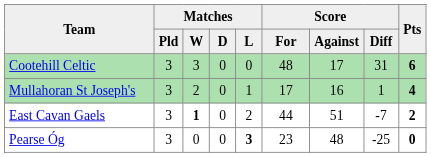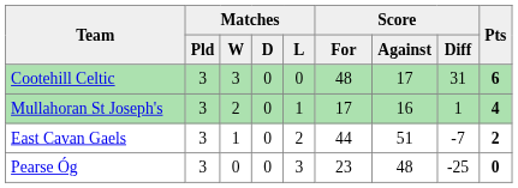 <table style=border-collapse:collapse border=1 cellspacing=0 cellpadding=5>
 <tr align=center bgcolor=#efefef>
 <th rowspan=2 width=165>Team</th>
 <th colspan=4>Matches</th>
 <th colspan=3>Score</th>
 <th rowspan=2width=20>Pts</th>
 </tr>
 <tr align=center bgcolor=#efefef>
 <th width=20>Pld</th>
 <th width=20>W</th>
 <th width=20>D</th>
 <th width=20>L</th>
 <th width=45>For</th>
 <th width=45>Against</th>
 <th width=30>Diff</th>
 </tr>
 <tr align=center style="background:#ACE1AF;">
 <td style="text-align:left;"><a href='#'>Cootehill Celtic</a></td>
 <td>3</td>
 <td>3</td>
 <td>0</td>
 <td>0</td>
 <td>48</td>
 <td>17</td>
 <td>31</td>
 <td><strong>6</strong></td>
 </tr>
 <tr align=center style="background:#ACE1AF;">
 <td style="text-align:left;"><a href='#'>Mullahoran St Joseph's</a></td>
 <td>3</td>
 <td>2</td>
 <td>0</td>
 <td>1</td>
 <td>17</td>
 <td>16</td>
 <td>1</td>
 <td><strong>4</strong></td>
 </tr>
 <tr align=center>
 <td style="text-align:left;"><a href='#'>East Cavan Gaels</a></td>
 <td>3</td>
-<td><strong>1</strong></td>
+<td>1</td>
 <td>0</td>
 <td>2</td>
 <td>44</td>
 <td>51</td>
 <td>-7</td>
 <td><strong>2</strong></td>
 </tr>
 <tr align=center>
 <td style="text-align:left;"><a href='#'>Pearse Óg</a></td>
 <td>3</td>
 <td>0</td>
 <td>0</td>
-<td><strong>3</strong></td>
+<td>3</td>
 <td>23</td>
 <td>48</td>
 <td>-25</td>
 <td><strong>0</strong></td>
 </tr>
 </table>
